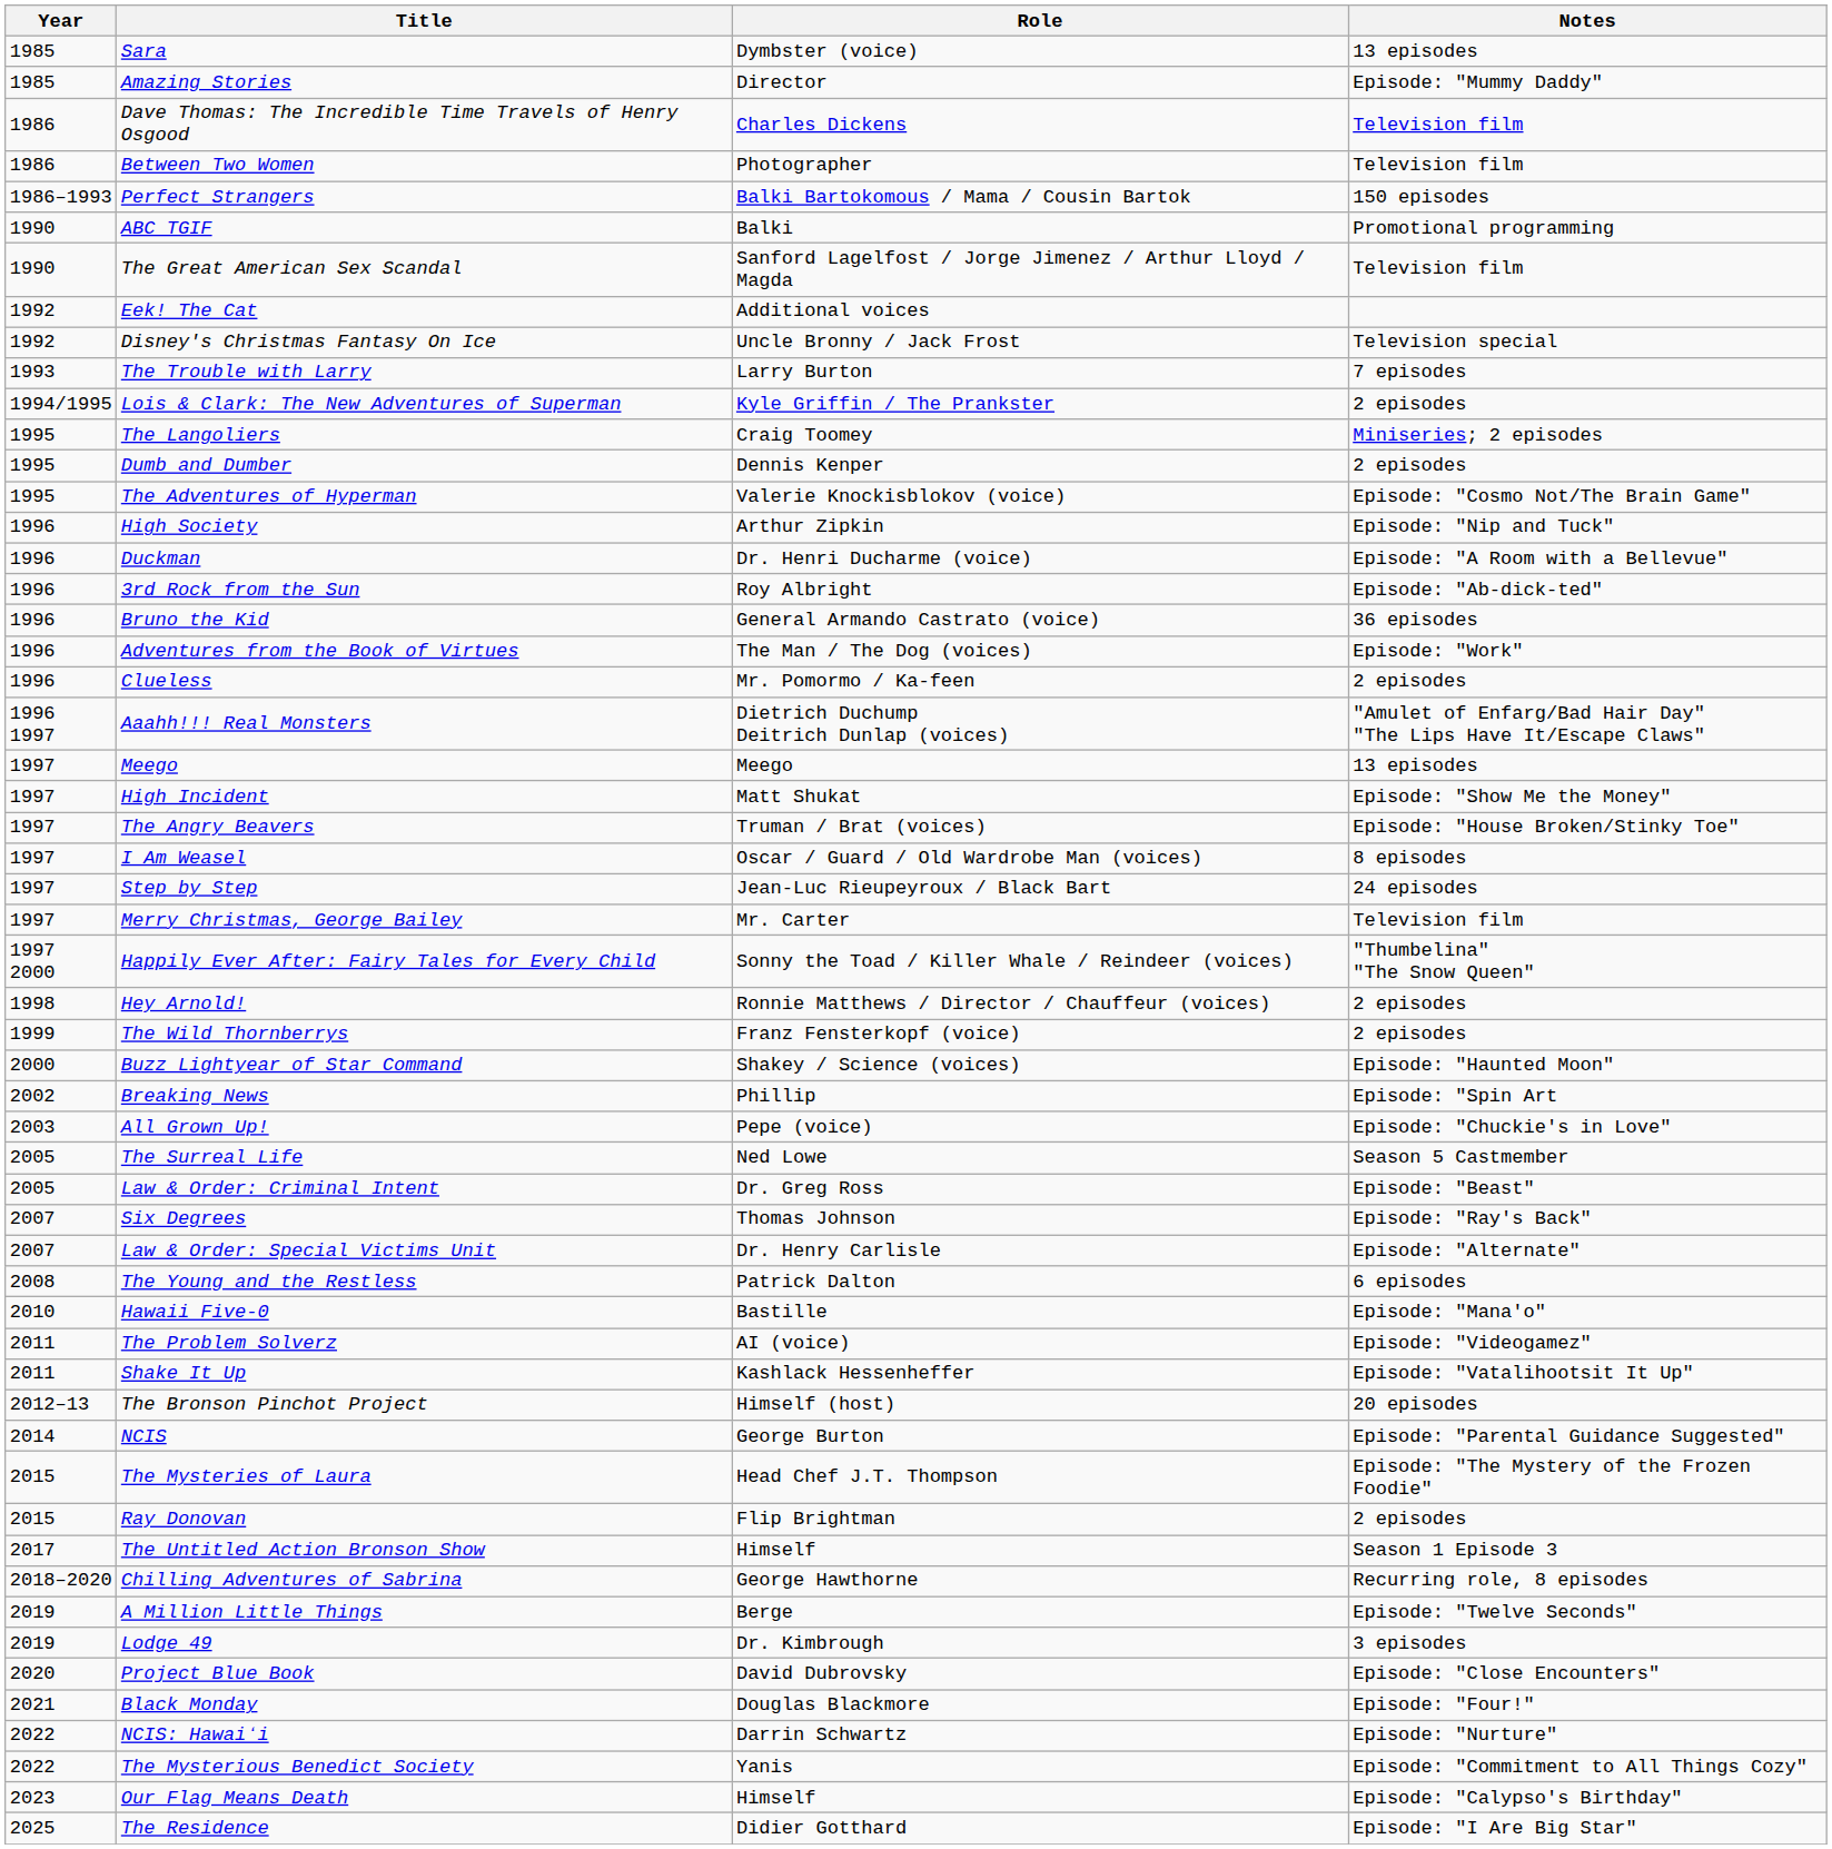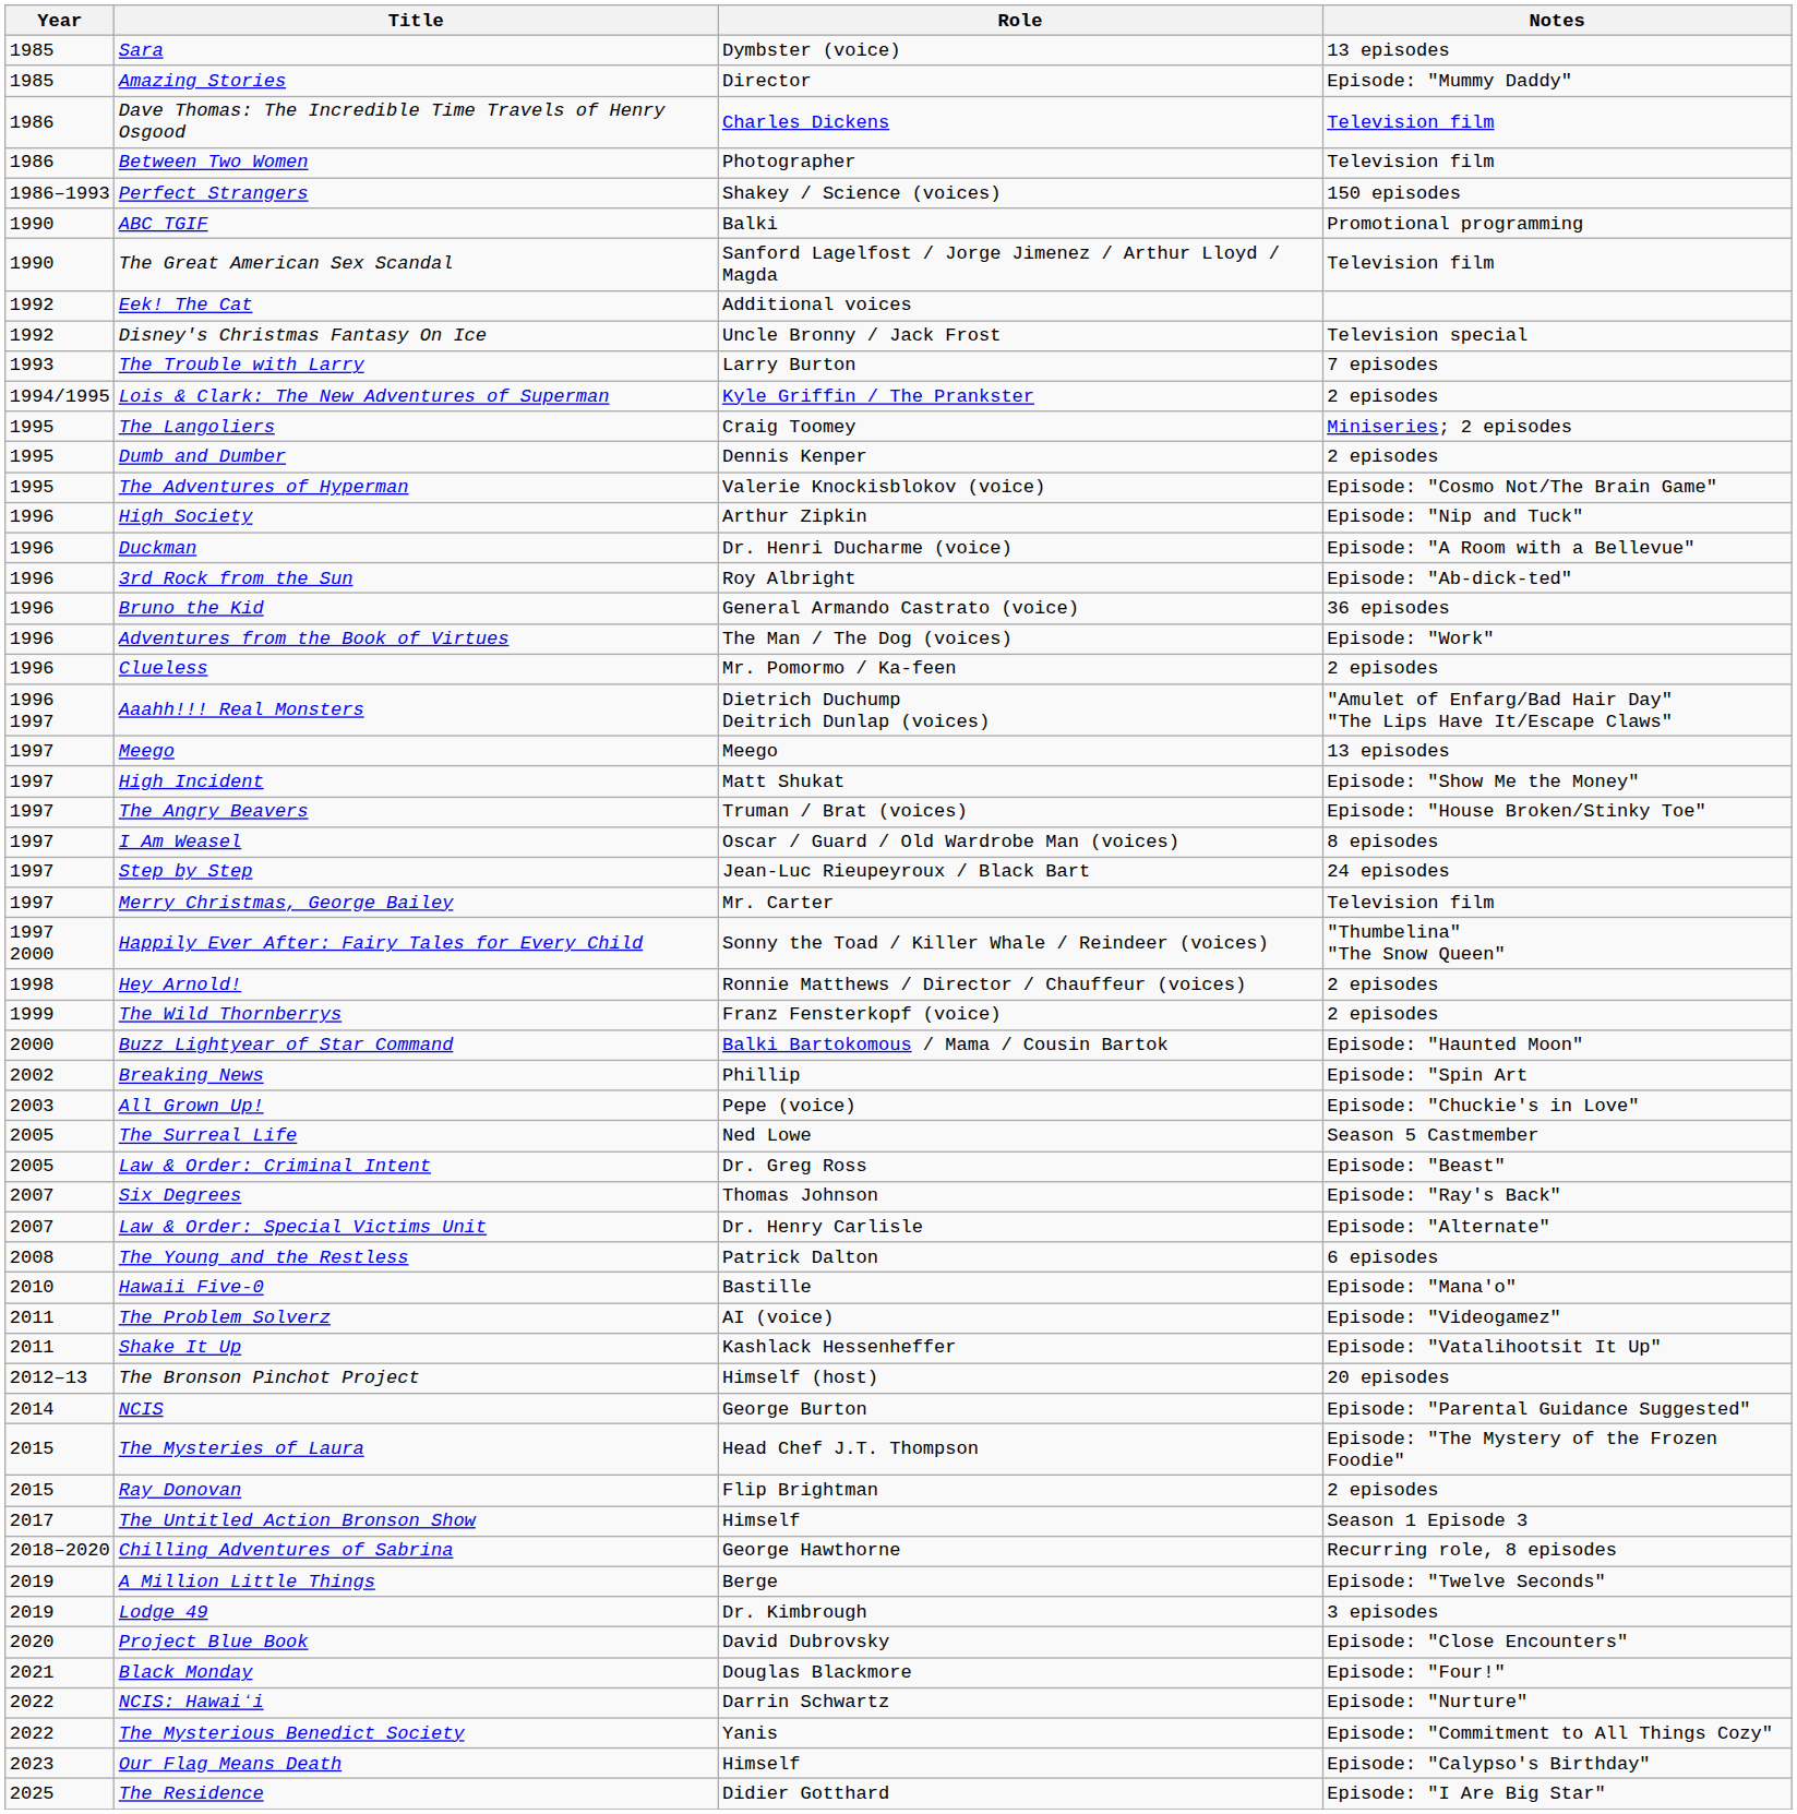 <table class="wikitable sortable">
 <tr>
 <th>Year</th>
 <th>Title</th>
 <th>Role</th>
 <th class="unsortable">Notes</th>
 </tr>
 <tr>
 <td>1985</td>
 <td><em><a href='#'>Sara</a></em></td>
 <td>Dymbster (voice)</td>
 <td>13 episodes</td>
 </tr>
 <tr>
 <td>1985</td>
 <td><em><a href='#'>Amazing Stories</a></em></td>
 <td>Director</td>
 <td>Episode: "Mummy Daddy"</td>
 </tr>
 <tr>
 <td>1986</td>
 <td><em>Dave Thomas: The Incredible Time Travels of Henry Osgood</em></td>
 <td><a href='#'>Charles Dickens</a></td>
 <td><a href='#'>Television film</a></td>
 </tr>
 <tr>
 <td>1986</td>
 <td><em><a href='#'>Between Two Women</a></em></td>
 <td>Photographer</td>
 <td>Television film</td>
 </tr>
 <tr>
 <td>1986–1993</td>
 <td><em><a href='#'>Perfect Strangers</a></em></td>
-<td><a href='#'>Balki Bartokomous</a> / Mama / Cousin Bartok</td>
+<td>Shakey / Science (voices)</td>
 <td>150 episodes</td>
 </tr>
 <tr>
 <td>1990</td>
 <td><em><a href='#'>ABC TGIF</a></em></td>
 <td>Balki</td>
 <td>Promotional programming</td>
 </tr>
 <tr>
 <td>1990</td>
 <td><em>The Great American Sex Scandal</em></td>
 <td>Sanford Lagelfost / Jorge Jimenez / Arthur Lloyd / Magda</td>
 <td>Television film</td>
 </tr>
 <tr>
 <td>1992</td>
 <td><em><a href='#'>Eek! The Cat</a></em></td>
 <td>Additional voices</td>
 <td></td>
 </tr>
 <tr>
 <td>1992</td>
 <td><em>Disney's Christmas Fantasy On Ice</em></td>
 <td>Uncle Bronny / Jack Frost</td>
 <td>Television special</td>
 </tr>
 <tr>
 <td>1993</td>
 <td><em><a href='#'>The Trouble with Larry</a></em></td>
 <td>Larry Burton</td>
 <td>7 episodes</td>
 </tr>
 <tr>
 <td>1994/1995</td>
 <td><em><a href='#'>Lois & Clark: The New Adventures of Superman</a></em></td>
 <td><a href='#'>Kyle Griffin / The Prankster</a></td>
 <td>2 episodes</td>
 </tr>
 <tr>
 <td>1995</td>
 <td><em><a href='#'>The Langoliers</a></em></td>
 <td>Craig Toomey</td>
 <td><a href='#'>Miniseries</a>; 2 episodes</td>
 </tr>
 <tr>
 <td>1995</td>
 <td><em><a href='#'>Dumb and Dumber</a></em></td>
 <td>Dennis Kenper</td>
 <td>2 episodes</td>
 </tr>
 <tr>
 <td>1995</td>
 <td><em><a href='#'>The Adventures of Hyperman</a></em></td>
 <td>Valerie Knockisblokov (voice)</td>
 <td>Episode: "Cosmo Not/The Brain Game"</td>
 </tr>
 <tr>
 <td>1996</td>
 <td><em><a href='#'>High Society</a></em></td>
 <td>Arthur Zipkin</td>
 <td>Episode: "Nip and Tuck"</td>
 </tr>
 <tr>
 <td>1996</td>
 <td><em><a href='#'>Duckman</a></em></td>
 <td>Dr. Henri Ducharme (voice)</td>
 <td>Episode: "A Room with a Bellevue"</td>
 </tr>
 <tr>
 <td>1996</td>
 <td><em><a href='#'>3rd Rock from the Sun</a></em></td>
 <td>Roy Albright</td>
 <td>Episode: "Ab-dick-ted"</td>
 </tr>
 <tr>
 <td>1996</td>
 <td><em><a href='#'>Bruno the Kid</a></em></td>
 <td>General Armando Castrato (voice)</td>
 <td>36 episodes</td>
 </tr>
 <tr>
 <td>1996</td>
 <td><em><a href='#'>Adventures from the Book of Virtues</a></em></td>
 <td>The Man / The Dog (voices)</td>
 <td>Episode: "Work"</td>
 </tr>
 <tr>
 <td>1996</td>
 <td><em><a href='#'>Clueless</a></em></td>
 <td>Mr. Pomormo / Ka-feen</td>
 <td>2 episodes</td>
 </tr>
 <tr>
 <td>1996<br>1997</td>
 <td><em><a href='#'>Aaahh!!! Real Monsters</a></em></td>
 <td>Dietrich Duchump<br>Deitrich Dunlap (voices)</td>
 <td>"Amulet of Enfarg/Bad Hair Day"<br>"The Lips Have It/Escape Claws"</td>
 </tr>
 <tr>
 <td>1997</td>
 <td><em><a href='#'>Meego</a></em></td>
 <td>Meego</td>
 <td>13 episodes</td>
 </tr>
 <tr>
 <td>1997</td>
 <td><em><a href='#'>High Incident</a></em></td>
 <td>Matt Shukat</td>
 <td>Episode: "Show Me the Money"</td>
 </tr>
 <tr>
 <td>1997</td>
 <td><em><a href='#'>The Angry Beavers</a></em></td>
 <td>Truman / Brat (voices)</td>
 <td>Episode: "House Broken/Stinky Toe"</td>
 </tr>
 <tr>
 <td>1997</td>
 <td><em><a href='#'>I Am Weasel</a></em></td>
 <td>Oscar / Guard / Old Wardrobe Man (voices)</td>
 <td>8 episodes</td>
 </tr>
 <tr>
 <td>1997</td>
 <td><em><a href='#'>Step by Step</a></em></td>
 <td>Jean-Luc Rieupeyroux / Black Bart</td>
 <td>24 episodes</td>
 </tr>
 <tr>
 <td>1997</td>
 <td><em><a href='#'>Merry Christmas, George Bailey</a></em></td>
 <td>Mr. Carter</td>
 <td>Television film</td>
 </tr>
 <tr>
 <td>1997<br>2000</td>
 <td><em><a href='#'>Happily Ever After: Fairy Tales for Every Child</a></em></td>
 <td>Sonny the Toad / Killer Whale / Reindeer (voices)</td>
 <td>"Thumbelina"<br>"The Snow Queen"</td>
 </tr>
 <tr>
 <td>1998</td>
 <td><em><a href='#'>Hey Arnold!</a></em></td>
 <td>Ronnie Matthews / Director / Chauffeur (voices)</td>
 <td>2 episodes</td>
 </tr>
 <tr>
 <td>1999</td>
 <td><em><a href='#'>The Wild Thornberrys</a></em></td>
 <td>Franz Fensterkopf (voice)</td>
 <td>2 episodes</td>
 </tr>
 <tr>
 <td>2000</td>
 <td><em><a href='#'>Buzz Lightyear of Star Command</a></em></td>
-<td>Shakey / Science (voices)</td>
+<td><a href='#'>Balki Bartokomous</a> / Mama / Cousin Bartok</td>
 <td>Episode: "Haunted Moon"</td>
 </tr>
 <tr>
 <td>2002</td>
 <td><em><a href='#'>Breaking News</a></em></td>
 <td>Phillip</td>
 <td>Episode: "Spin Art</td>
 </tr>
 <tr>
 <td>2003</td>
 <td><em><a href='#'>All Grown Up!</a></em></td>
 <td>Pepe (voice)</td>
 <td>Episode: "Chuckie's in Love"</td>
 </tr>
 <tr>
 <td>2005</td>
 <td><em><a href='#'>The Surreal Life</a></em></td>
 <td>Ned Lowe</td>
 <td>Season 5 Castmember</td>
 </tr>
 <tr>
 <td>2005</td>
 <td><em><a href='#'>Law & Order: Criminal Intent</a></em></td>
 <td>Dr. Greg Ross</td>
 <td>Episode: "Beast"</td>
 </tr>
 <tr>
 <td>2007</td>
 <td><em><a href='#'>Six Degrees</a></em></td>
 <td>Thomas Johnson</td>
 <td>Episode: "Ray's Back"</td>
 </tr>
 <tr>
 <td>2007</td>
 <td><em><a href='#'>Law & Order: Special Victims Unit</a></em></td>
 <td>Dr. Henry Carlisle</td>
 <td>Episode: "Alternate"</td>
 </tr>
 <tr>
 <td>2008</td>
 <td><em><a href='#'>The Young and the Restless</a></em></td>
 <td>Patrick Dalton</td>
 <td>6 episodes</td>
 </tr>
 <tr>
 <td>2010</td>
 <td><em><a href='#'>Hawaii Five-0</a></em></td>
 <td>Bastille</td>
 <td>Episode: "Mana'o"</td>
 </tr>
 <tr>
 <td>2011</td>
 <td><em><a href='#'>The Problem Solverz</a></em></td>
 <td>AI (voice)</td>
 <td>Episode: "Videogamez"</td>
 </tr>
 <tr>
 <td>2011</td>
 <td><em><a href='#'>Shake It Up</a></em></td>
 <td>Kashlack Hessenheffer</td>
 <td>Episode: "Vatalihootsit It Up"</td>
 </tr>
 <tr>
 <td>2012–13</td>
 <td><em>The Bronson Pinchot Project</em></td>
 <td>Himself (host)</td>
 <td>20 episodes</td>
 </tr>
 <tr>
 <td>2014</td>
 <td><em><a href='#'>NCIS</a></em></td>
 <td>George Burton</td>
 <td>Episode: "Parental Guidance Suggested"</td>
 </tr>
 <tr>
 <td>2015</td>
 <td><em><a href='#'>The Mysteries of Laura</a></em></td>
 <td>Head Chef J.T. Thompson</td>
 <td>Episode: "The Mystery of the Frozen Foodie"</td>
 </tr>
 <tr>
 <td>2015</td>
 <td><em><a href='#'>Ray Donovan</a></em></td>
 <td>Flip Brightman</td>
 <td>2 episodes</td>
 </tr>
 <tr>
 <td>2017</td>
 <td><em><a href='#'>The Untitled Action Bronson Show</a></em></td>
 <td>Himself</td>
 <td>Season 1 Episode 3</td>
 </tr>
 <tr>
 <td>2018–2020</td>
 <td><em><a href='#'>Chilling Adventures of Sabrina</a></em></td>
 <td>George Hawthorne</td>
 <td>Recurring role, 8 episodes</td>
 </tr>
 <tr>
 <td>2019</td>
 <td><em><a href='#'>A Million Little Things</a></em></td>
 <td>Berge</td>
 <td>Episode: "Twelve Seconds"</td>
 </tr>
 <tr>
 <td>2019</td>
 <td><em><a href='#'>Lodge 49</a></em></td>
 <td>Dr. Kimbrough</td>
 <td>3 episodes</td>
 </tr>
 <tr>
 <td>2020</td>
 <td><em><a href='#'>Project Blue Book</a></em></td>
 <td>David Dubrovsky</td>
 <td>Episode: "Close Encounters"</td>
 </tr>
 <tr>
 <td>2021</td>
 <td><em><a href='#'>Black Monday</a></em></td>
 <td>Douglas Blackmore</td>
 <td>Episode: "Four!"</td>
 </tr>
 <tr>
 <td>2022</td>
 <td><em><a href='#'>NCIS: Hawaiʻi</a></em></td>
 <td>Darrin Schwartz</td>
 <td>Episode: "Nurture"</td>
 </tr>
 <tr>
 <td>2022</td>
 <td><em><a href='#'>The Mysterious Benedict Society</a></em></td>
 <td>Yanis</td>
 <td>Episode: "Commitment to All Things Cozy"</td>
 </tr>
 <tr>
 <td>2023</td>
 <td><em><a href='#'>Our Flag Means Death</a></em></td>
 <td>Himself</td>
 <td>Episode: "Calypso's Birthday"</td>
 </tr>
 <tr>
 <td>2025</td>
 <td><em><a href='#'>The Residence</a></em></td>
 <td>Didier Gotthard</td>
 <td>Episode: "I Are Big Star"</td>
 </tr>
 </table>
